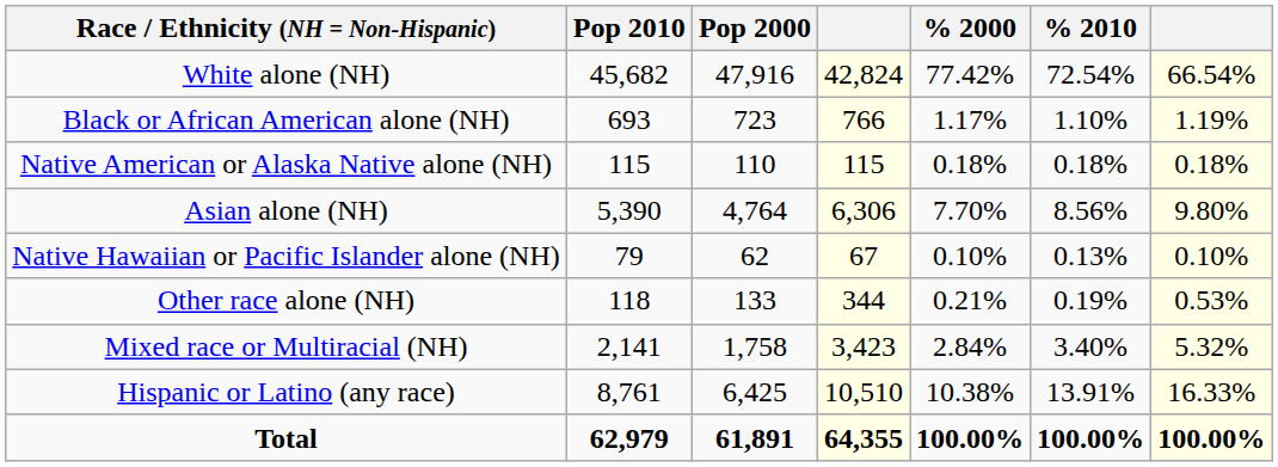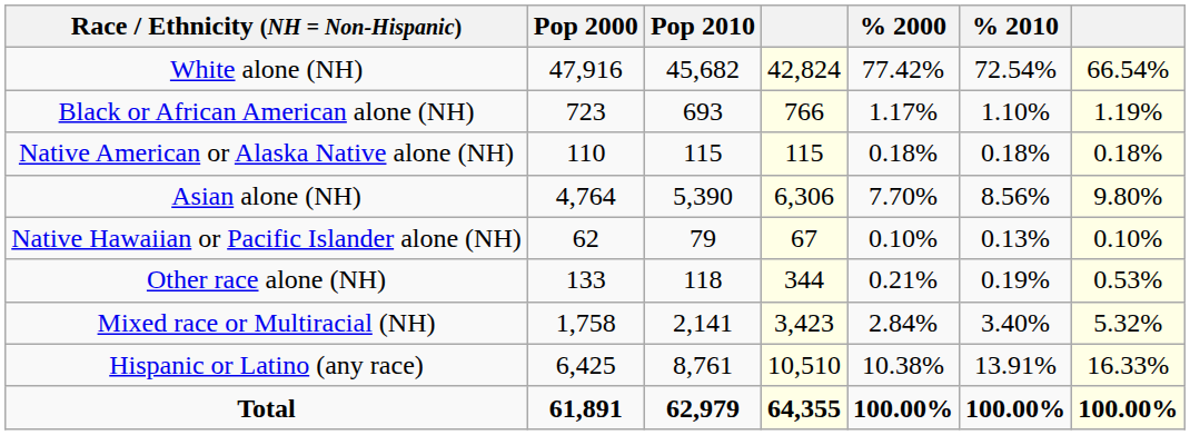 <table class="wikitable" style="text-align:center;">
 <tr>
 <th>Race / Ethnicity <small>(<em>NH = Non-Hispanic</em>)</small></th>
+<th>Pop 2000</th>
 <th>Pop 2010</th>
-<th>Pop 2000</th>
 <th></th>
 <th>% 2000</th>
 <th>% 2010</th>
 <th></th>
 </tr>
 <tr>
 <td><a href='#'>White</a> alone (NH)</td>
+<td>47,916</td>
 <td>45,682</td>
-<td>47,916</td>
 <td style='background: #ffffe6;'>42,824</td>
 <td>77.42%</td>
 <td>72.54%</td>
 <td style='background: #ffffe6;'>66.54%</td>
 </tr>
 <tr>
 <td><a href='#'>Black or African American</a> alone (NH)</td>
+<td>723</td>
 <td>693</td>
-<td>723</td>
 <td style='background: #ffffe6;'>766</td>
 <td>1.17%</td>
 <td>1.10%</td>
 <td style='background: #ffffe6;'>1.19%</td>
 </tr>
 <tr>
 <td><a href='#'>Native American</a> or <a href='#'>Alaska Native</a> alone (NH)</td>
+<td>110</td>
 <td>115</td>
-<td>110</td>
 <td style='background: #ffffe6;'>115</td>
 <td>0.18%</td>
 <td>0.18%</td>
 <td style='background: #ffffe6;'>0.18%</td>
 </tr>
 <tr>
 <td><a href='#'>Asian</a> alone (NH)</td>
+<td>4,764</td>
 <td>5,390</td>
-<td>4,764</td>
 <td style='background: #ffffe6;'>6,306</td>
 <td>7.70%</td>
 <td>8.56%</td>
 <td style='background: #ffffe6;'>9.80%</td>
 </tr>
 <tr>
 <td><a href='#'>Native Hawaiian</a> or <a href='#'>Pacific Islander</a> alone (NH)</td>
+<td>62</td>
 <td>79</td>
-<td>62</td>
 <td style='background: #ffffe6;'>67</td>
 <td>0.10%</td>
 <td>0.13%</td>
 <td style='background: #ffffe6;'>0.10%</td>
 </tr>
 <tr>
 <td><a href='#'>Other race</a> alone (NH)</td>
+<td>133</td>
 <td>118</td>
-<td>133</td>
 <td style='background: #ffffe6;'>344</td>
 <td>0.21%</td>
 <td>0.19%</td>
 <td style='background: #ffffe6;'>0.53%</td>
 </tr>
 <tr>
 <td><a href='#'>Mixed race or Multiracial</a> (NH)</td>
+<td>1,758</td>
 <td>2,141</td>
-<td>1,758</td>
 <td style='background: #ffffe6;'>3,423</td>
 <td>2.84%</td>
 <td>3.40%</td>
 <td style='background: #ffffe6;'>5.32%</td>
 </tr>
 <tr>
 <td><a href='#'>Hispanic or Latino</a> (any race)</td>
+<td>6,425</td>
 <td>8,761</td>
-<td>6,425</td>
 <td style='background: #ffffe6;'>10,510</td>
 <td>10.38%</td>
 <td>13.91%</td>
 <td style='background: #ffffe6;'>16.33%</td>
 </tr>
 <tr>
 <td><strong>Total</strong></td>
+<td><strong>61,891</strong></td>
 <td><strong>62,979</strong></td>
-<td><strong>61,891</strong></td>
 <td style='background: #ffffe6;'><strong>64,355</strong></td>
 <td><strong>100.00%</strong></td>
 <td><strong>100.00%</strong></td>
 <td style='background: #ffffe6;'><strong>100.00%</strong></td>
 </tr>
 </table>
